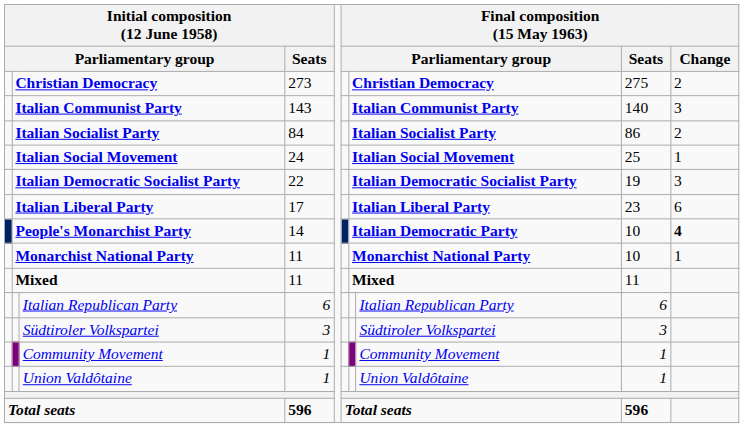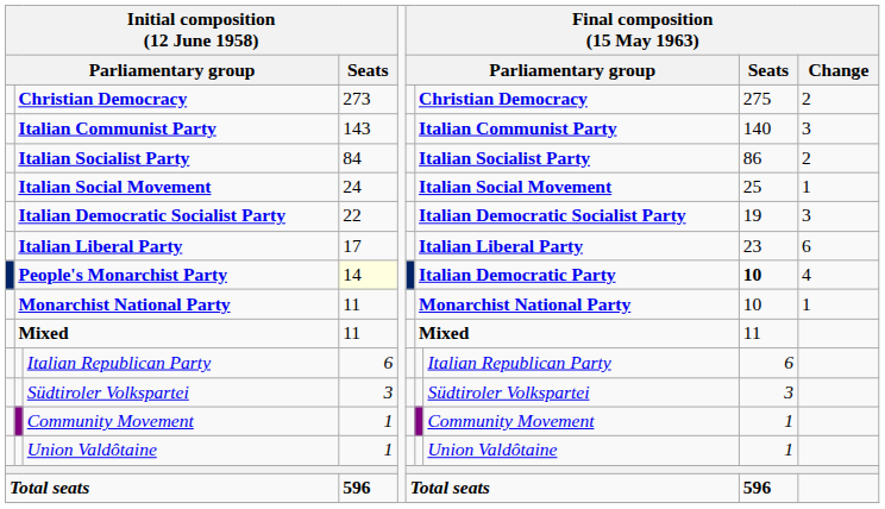 <table class="wikitable" style="width : 60%;">
 <tr>
 <th colspan="4">Initial composition<br>(12 June 1958)</th>
 <td rowspan="30" style="width : 1%;"></td>
 <th colspan="5">Final composition<br>(15 May 1963)</th>
 </tr>
 <tr>
 <th colspan="3">Parliamentary group</th>
 <th>Seats</th>
 <th colspan="3">Parliamentary group</th>
 <th>Seats</th>
 <th>Change</th>
 </tr>
 <tr>
 <td></td>
 <td colspan = "2"><strong><a href='#'>Christian Democracy</a></strong></td>
 <td>273</td>
 <td></td>
 <td colspan = "2"><strong><a href='#'>Christian Democracy</a></strong></td>
 <td>275</td>
 <td> 2</td>
 </tr>
 <tr>
 <td></td>
 <td colspan = "2"><strong><a href='#'>Italian Communist Party</a></strong></td>
 <td>143</td>
 <td></td>
 <td colspan = "2"><strong><a href='#'>Italian Communist Party</a></strong></td>
 <td>140</td>
 <td> 3</td>
 </tr>
 <tr>
 <td></td>
 <td colspan = "2"><strong><a href='#'>Italian Socialist Party</a></strong></td>
 <td>84</td>
 <td></td>
 <td colspan = "2"><strong><a href='#'>Italian Socialist Party</a></strong></td>
 <td>86</td>
 <td> 2</td>
 </tr>
 <tr>
 <td></td>
 <td colspan = "2"><strong><a href='#'>Italian Social Movement</a></strong></td>
 <td>24</td>
 <td></td>
 <td colspan = "2"><strong><a href='#'>Italian Social Movement</a></strong></td>
 <td>25</td>
 <td> 1</td>
 </tr>
 <tr>
 <td></td>
 <td colspan = "2"><strong><a href='#'>Italian Democratic Socialist Party</a></strong></td>
 <td>22</td>
 <td></td>
 <td colspan = "2"><strong><a href='#'>Italian Democratic Socialist Party</a></strong></td>
 <td>19</td>
 <td> 3</td>
 </tr>
 <tr>
 <td></td>
 <td colspan = "2"><strong><a href='#'>Italian Liberal Party</a></strong></td>
 <td>17</td>
 <td></td>
 <td colspan = "2"><strong><a href='#'>Italian Liberal Party</a></strong></td>
 <td>23</td>
 <td> 6</td>
 </tr>
 <tr>
 <td bgcolor="#002366" width=1%></td>
 <td colspan = "2"><strong><a href='#'>People's Monarchist Party</a></strong></td>
-<td>14</td>
+<td style="background: lightyellow;">14</td>
 <td bgcolor="#002366" width=1%></td>
 <td colspan = "2"><strong><a href='#'>Italian Democratic Party</a></strong></td>
-<td>10</td>
-<td><strong> 4</strong></td>
+<td><strong>10</strong></td>
+<td> 4</td>
 </tr>
 <tr>
 <td></td>
 <td colspan = "2"><strong><a href='#'>Monarchist National Party</a></strong></td>
 <td>11</td>
 <td></td>
 <td colspan = "2"><strong><a href='#'>Monarchist National Party</a></strong></td>
 <td>10</td>
 <td> 1</td>
 </tr>
 <tr>
 <td></td>
 <td colspan = "2"><strong>Mixed</strong></td>
 <td>11</td>
 <td></td>
 <td colspan = "2"><strong>Mixed</strong></td>
 <td>11</td>
 <td></td>
 </tr>
 <tr>
 <td></td>
 <td></td>
 <td><em><a href='#'>Italian Republican Party</a></em></td>
 <td align="right"><em>6</em></td>
 <td></td>
 <td></td>
 <td><em><a href='#'>Italian Republican Party</a></em></td>
 <td align="right"><em>6</em></td>
 <td align="right"></td>
 </tr>
 <tr>
 <td></td>
 <td></td>
 <td><em><a href='#'>Südtiroler Volkspartei</a></em></td>
 <td align="right"><em>3</em></td>
 <td></td>
 <td></td>
 <td><em><a href='#'>Südtiroler Volkspartei</a></em></td>
 <td align="right"><em>3</em></td>
 <td align="right"></td>
 </tr>
 <tr>
 <td></td>
 <td bgcolor="#800080" width=1%></td>
 <td><em><a href='#'>Community Movement</a></em></td>
 <td align="right"><em>1</em></td>
 <td></td>
 <td bgcolor="#800080" width=1%></td>
 <td><em><a href='#'>Community Movement</a></em></td>
 <td align="right"><em>1</em></td>
 <td align="right"></td>
 </tr>
 <tr>
 <td></td>
 <td></td>
 <td><em><a href='#'>Union Valdôtaine</a></em></td>
 <td align="right"><em>1</em></td>
 <td></td>
 <td></td>
 <td><em><a href='#'>Union Valdôtaine</a></em></td>
 <td align="right"><em>1</em></td>
 <td align="right"></td>
 </tr>
 <tr>
 <th colspan="4"></th>
 <th colspan="5"></th>
 </tr>
 <tr>
 <td colspan="3"><strong><em>Total seats</em></strong></td>
 <td><strong>596</strong></td>
 <td colspan="3"><strong><em>Total seats</em></strong></td>
 <td><strong>596</strong></td>
 <td></td>
 </tr>
 <tr>
 </tr>
 </table>
